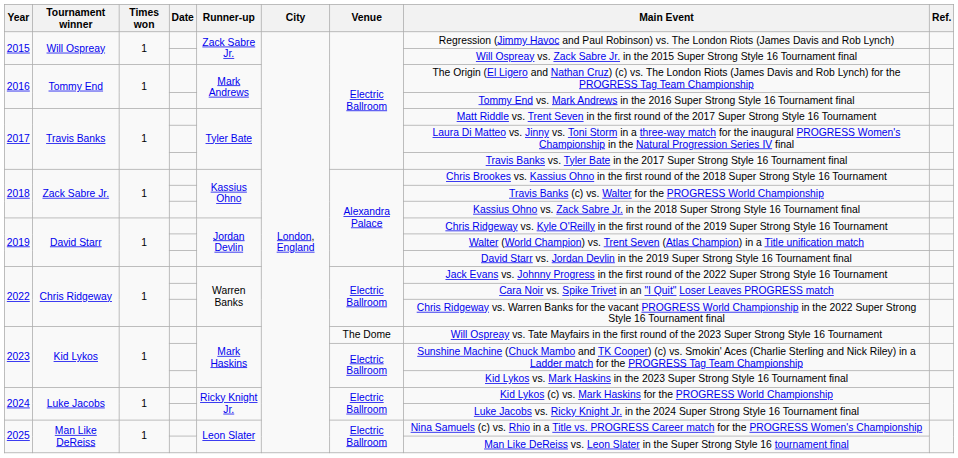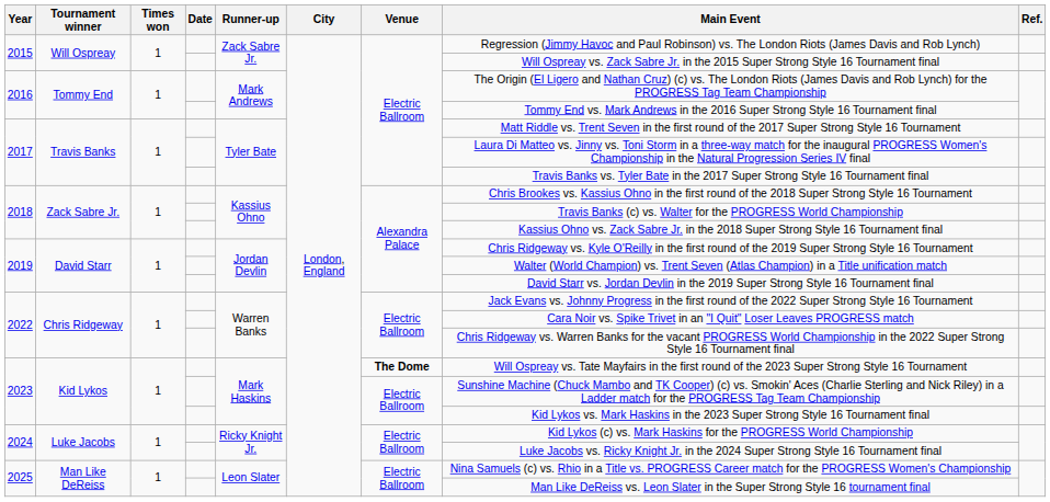 <table class="sortable wikitable succession-box" style="font-size:85%; text-align:center;">
 <tr>
 <th>Year</th>
 <th>Tournament winner</th>
 <th>Times won</th>
 <th>Date</th>
 <th>Runner-up</th>
 <th>City</th>
 <th>Venue</th>
 <th>Main Event</th>
 <th>Ref.</th>
 </tr>
 <tr>
 <td rowspan="2"><a href='#'>2015</a></td>
 <td rowspan="2"><a href='#'>Will Ospreay</a></td>
 <td rowspan="2">1</td>
 <td></td>
 <td rowspan="2"><a href='#'>Zack Sabre Jr.</a></td>
 <td rowspan="23"><a href='#'>London</a>, <a href='#'>England</a></td>
 <td rowspan="7"><a href='#'>Electric Ballroom</a></td>
 <td>Regression (<a href='#'>Jimmy Havoc</a> and Paul Robinson) vs. The London Riots (James Davis and Rob Lynch)</td>
 <td></td>
 </tr>
 <tr>
 <td></td>
 <td><a href='#'>Will Ospreay</a> vs. <a href='#'>Zack Sabre Jr.</a> in the 2015 Super Strong Style 16 Tournament final</td>
 <td></td>
 </tr>
 <tr>
 <td rowspan="2"><a href='#'>2016</a></td>
 <td rowspan="2"><a href='#'>Tommy End</a></td>
 <td rowspan="2">1</td>
 <td></td>
 <td rowspan="2"><a href='#'>Mark Andrews</a></td>
 <td>The Origin (<a href='#'>El Ligero</a> and <a href='#'>Nathan Cruz</a>) (c) vs. The London Riots (James Davis and Rob Lynch) for the <a href='#'>PROGRESS Tag Team Championship</a></td>
 <td rowspan="2"></td>
 </tr>
 <tr>
 <td></td>
 <td><a href='#'>Tommy End</a> vs. <a href='#'>Mark Andrews</a> in the 2016 Super Strong Style 16 Tournament final</td>
 </tr>
 <tr>
 <td rowspan="3"><a href='#'>2017</a></td>
 <td rowspan="3"><a href='#'>Travis Banks</a></td>
 <td rowspan="3">1</td>
 <td></td>
 <td rowspan="3"><a href='#'>Tyler Bate</a></td>
 <td><a href='#'>Matt Riddle</a> vs. <a href='#'>Trent Seven</a> in the first round of the 2017 Super Strong Style 16 Tournament</td>
 <td></td>
 </tr>
 <tr>
 <td></td>
 <td><a href='#'>Laura Di Matteo</a> vs. <a href='#'>Jinny</a> vs. <a href='#'>Toni Storm</a> in a <a href='#'>three-way match</a> for the inaugural <a href='#'>PROGRESS Women's Championship</a> in the <a href='#'>Natural Progression Series IV</a> final</td>
 <td></td>
 </tr>
 <tr>
 <td></td>
 <td><a href='#'>Travis Banks</a> vs. <a href='#'>Tyler Bate</a> in the 2017 Super Strong Style 16 Tournament final</td>
 <td></td>
 </tr>
 <tr>
 <td rowspan="3"><a href='#'>2018</a></td>
 <td rowspan="3"><a href='#'>Zack Sabre Jr.</a></td>
 <td rowspan="3">1</td>
 <td></td>
 <td rowspan="3"><a href='#'>Kassius Ohno</a></td>
 <td rowspan="6"><a href='#'>Alexandra Palace</a></td>
 <td><a href='#'>Chris Brookes</a> vs. <a href='#'>Kassius Ohno</a> in the first round of the 2018 Super Strong Style 16 Tournament</td>
 <td></td>
 </tr>
 <tr>
 <td></td>
 <td><a href='#'>Travis Banks</a> (c) vs. <a href='#'>Walter</a> for the <a href='#'>PROGRESS World Championship</a></td>
 <td></td>
 </tr>
 <tr>
 <td></td>
 <td><a href='#'>Kassius Ohno</a> vs. <a href='#'>Zack Sabre Jr.</a> in the 2018 Super Strong Style 16 Tournament final</td>
 <td></td>
 </tr>
 <tr>
 <td rowspan="3"><a href='#'>2019</a></td>
 <td rowspan="3"><a href='#'>David Starr</a></td>
 <td rowspan="3">1</td>
 <td></td>
 <td rowspan="3"><a href='#'>Jordan Devlin</a></td>
 <td><a href='#'>Chris Ridgeway</a> vs. <a href='#'>Kyle O'Reilly</a> in the first round of the 2019 Super Strong Style 16 Tournament</td>
 <td></td>
 </tr>
 <tr>
 <td></td>
 <td><a href='#'>Walter</a> (<a href='#'>World Champion</a>) vs. <a href='#'>Trent Seven</a> (<a href='#'>Atlas Champion</a>) in a <a href='#'>Title unification match</a></td>
 <td></td>
 </tr>
 <tr>
 <td></td>
 <td><a href='#'>David Starr</a> vs. <a href='#'>Jordan Devlin</a> in the 2019 Super Strong Style 16 Tournament final</td>
 <td></td>
 </tr>
 <tr>
 <td rowspan="3"><a href='#'>2022</a></td>
 <td rowspan="3"><a href='#'>Chris Ridgeway</a></td>
 <td rowspan="3">1</td>
 <td></td>
 <td rowspan="3">Warren Banks</td>
 <td rowspan="3"><a href='#'>Electric Ballroom</a></td>
 <td><a href='#'>Jack Evans</a> vs. <a href='#'>Johnny Progress</a> in the first round of the 2022 Super Strong Style 16 Tournament</td>
 <td></td>
 </tr>
 <tr>
 <td></td>
 <td><a href='#'>Cara Noir</a> vs. <a href='#'>Spike Trivet</a> in an <a href='#'>"I Quit"</a> <a href='#'>Loser Leaves PROGRESS match</a></td>
 <td></td>
 </tr>
 <tr>
 <td></td>
 <td><a href='#'>Chris Ridgeway</a> vs. Warren Banks for the vacant <a href='#'>PROGRESS World Championship</a> in the 2022 Super Strong Style 16 Tournament final</td>
 <td></td>
 </tr>
 <tr>
 <td rowspan="3"><a href='#'>2023</a></td>
 <td rowspan="3"><a href='#'>Kid Lykos</a></td>
 <td rowspan="3">1</td>
 <td></td>
 <td rowspan="3"><a href='#'>Mark Haskins</a></td>
-<td>The Dome</td>
+<td><strong>The Dome</strong></td>
 <td><a href='#'>Will Ospreay</a> vs. Tate Mayfairs in the first round of the 2023 Super Strong Style 16 Tournament</td>
 <td></td>
 </tr>
 <tr>
 <td></td>
 <td rowspan="2"><a href='#'>Electric Ballroom</a></td>
 <td><a href='#'>Sunshine Machine</a> (<a href='#'>Chuck Mambo</a> and <a href='#'>TK Cooper</a>) (c) vs. Smokin' Aces (Charlie Sterling and Nick Riley) in a <a href='#'>Ladder match</a> for the <a href='#'>PROGRESS Tag Team Championship</a></td>
 <td></td>
 </tr>
 <tr>
 <td></td>
 <td><a href='#'>Kid Lykos</a> vs. <a href='#'>Mark Haskins</a> in the 2023 Super Strong Style 16 Tournament final</td>
 <td></td>
 </tr>
 <tr>
 <td rowspan="2"><a href='#'>2024</a></td>
 <td rowspan="2"><a href='#'>Luke Jacobs</a></td>
 <td rowspan="2">1</td>
 <td></td>
 <td rowspan="2"><a href='#'>Ricky Knight Jr.</a></td>
 <td rowspan="2"><a href='#'>Electric Ballroom</a></td>
 <td><a href='#'>Kid Lykos</a> (c) vs. <a href='#'>Mark Haskins</a> for the <a href='#'>PROGRESS World Championship</a></td>
 <td rowspan=2></td>
 </tr>
 <tr>
 <td></td>
 <td><a href='#'>Luke Jacobs</a> vs. <a href='#'>Ricky Knight Jr.</a> in the 2024 Super Strong Style 16 Tournament final</td>
 </tr>
 <tr>
 <td rowspan="2"><a href='#'>2025</a></td>
 <td rowspan="2"><a href='#'>Man Like DeReiss</a></td>
 <td rowspan="2">1</td>
 <td></td>
 <td rowspan="2"><a href='#'>Leon Slater</a></td>
 <td rowspan="2"><a href='#'>Electric Ballroom</a></td>
 <td><a href='#'>Nina Samuels</a> (c) vs. <a href='#'>Rhio</a> in a <a href='#'>Title vs. PROGRESS Career match</a> for the <a href='#'>PROGRESS Women's Championship</a></td>
 <td rowspan=2></td>
 </tr>
 <tr>
 <td></td>
 <td><a href='#'>Man Like DeReiss</a> vs. <a href='#'>Leon Slater</a> in the Super Strong Style 16 <a href='#'>tournament final</a></td>
 </tr>
 </table>
